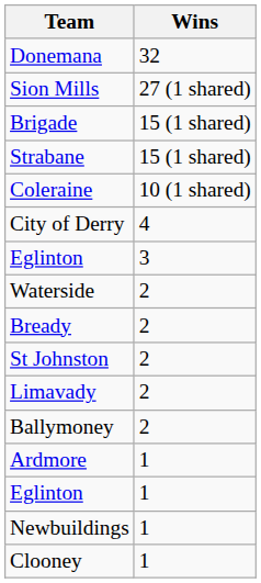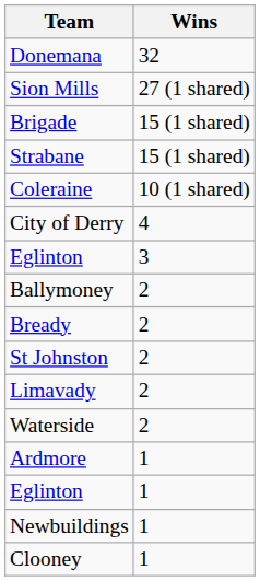 <table class="wikitable">
 <tr>
 <th>Team</th>
 <th>Wins</th>
 </tr>
 <tr>
 <td><a href='#'>Donemana</a></td>
 <td>32</td>
 </tr>
 <tr>
 <td><a href='#'>Sion Mills</a></td>
 <td>27 (1 shared)</td>
 </tr>
 <tr>
 <td><a href='#'>Brigade</a></td>
 <td>15 (1 shared)</td>
 </tr>
 <tr>
 <td><a href='#'>Strabane</a></td>
 <td>15 (1 shared)</td>
 </tr>
 <tr>
 <td><a href='#'>Coleraine</a></td>
 <td>10 (1 shared)</td>
 </tr>
 <tr>
 <td>City of Derry</td>
 <td>4</td>
 </tr>
 <tr>
 <td><a href='#'>Eglinton</a></td>
 <td>3</td>
 </tr>
 <tr>
-<td>Waterside</td>
+<td>Ballymoney</td>
 <td>2</td>
 </tr>
 <tr>
 <td><a href='#'>Bready</a></td>
 <td>2</td>
 </tr>
 <tr>
 <td><a href='#'>St Johnston</a></td>
 <td>2</td>
 </tr>
 <tr>
 <td><a href='#'>Limavady</a></td>
 <td>2</td>
 </tr>
 <tr>
-<td>Ballymoney</td>
+<td>Waterside</td>
 <td>2</td>
 </tr>
 <tr>
 <td><a href='#'>Ardmore</a></td>
 <td>1</td>
 </tr>
 <tr>
 <td><a href='#'>Eglinton</a></td>
 <td>1</td>
 </tr>
 <tr>
 <td>Newbuildings</td>
 <td>1</td>
 </tr>
 <tr>
 <td>Clooney</td>
 <td>1</td>
 </tr>
 </table>
